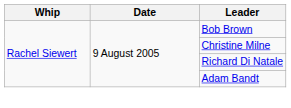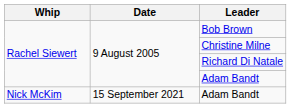 <table class=wikitable>
 <tr>
 <th width=125px>Whip</th>
 <th width=160px>Date</th>
 <th>Leader</th>
 </tr>
 <tr>
 <td rowspan="4"><a href='#'>Rachel Siewert</a></td>
 <td rowspan="4">9 August 2005</td>
 <td><a href='#'>Bob Brown</a></td>
 </tr>
 <tr>
 <td><a href='#'>Christine Milne</a></td>
 </tr>
 <tr>
 <td><a href='#'>Richard Di Natale</a></td>
 </tr>
 <tr>
 <td><a href='#'>Adam Bandt</a></td>
 </tr>
+<tr>
+<td><a href='#'>Nick McKim</a></td>
+<td>15 September 2021</td>
+<td>Adam Bandt</td>
+</tr>
 </table>
